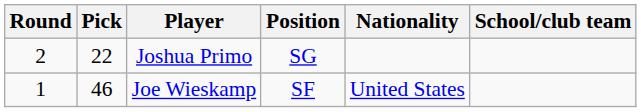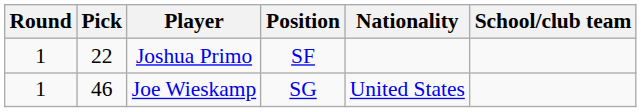 <table class="wikitable sortable sortable"  style="text-align: center">
 <tr>
 <th>Round</th>
 <th>Pick</th>
 <th>Player</th>
 <th>Position</th>
 <th>Nationality</th>
 <th>School/club team</th>
 </tr>
 <tr style="text-align: center">
-<td>2</td>
+<td>1</td>
 <td>22</td>
 <td><a href='#'>Joshua Primo</a></td>
-<td><a href='#'>SG</a></td>
+<td><a href='#'>SF</a></td>
 <td></td>
 <td></td>
 </tr>
 <tr style="text-align: center">
 <td>1</td>
 <td>46</td>
 <td><a href='#'>Joe Wieskamp</a></td>
-<td><a href='#'>SF</a></td>
+<td><a href='#'>SG</a></td>
 <td> <a href='#'>United States</a></td>
 <td></td>
 </tr>
 </table>
